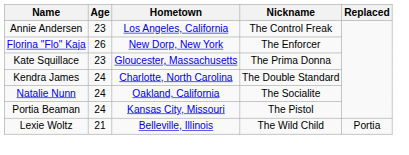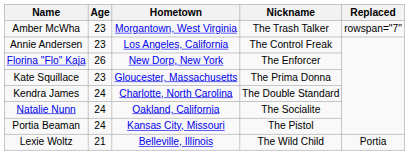 <table class="wikitable sortable plainrowheaders" style="text-align:center;">
 <tr>
 <th scope="col">Name</th>
 <th scope="col">Age</th>
 <th scope="col">Hometown</th>
 <th scope="col">Nickname</th>
 <th scope="col">Replaced</th>
+</tr>
+<tr>
+<td scope="row">Amber McWha</td>
+<td>23</td>
+<td><a href='#'>Morgantown, West Virginia</a></td>
+<td>The Trash Talker</td>
+<td>rowspan="7" </td>
 </tr>
 <tr>
 <td scope="row">Annie Andersen</td>
 <td>23</td>
 <td><a href='#'>Los Angeles, California</a></td>
 <td>The Control Freak</td>
 </tr>
 <tr>
 <td scope="row"><a href='#'>Florina "Flo" Kaja</a></td>
 <td>26</td>
 <td><a href='#'>New Dorp, New York</a></td>
 <td>The Enforcer</td>
 </tr>
 <tr>
 <td scope="row">Kate Squillace</td>
 <td>23</td>
 <td><a href='#'>Gloucester, Massachusetts</a></td>
 <td>The Prima Donna</td>
 </tr>
 <tr>
 <td scope="row">Kendra James</td>
 <td>24</td>
 <td><a href='#'>Charlotte, North Carolina</a></td>
 <td>The Double Standard</td>
 </tr>
 <tr>
 <td scope="row"><a href='#'>Natalie Nunn</a></td>
 <td>24</td>
 <td><a href='#'>Oakland, California</a></td>
 <td>The Socialite</td>
 </tr>
 <tr>
 <td scope="row">Portia Beaman</td>
 <td>24</td>
 <td><a href='#'>Kansas City, Missouri</a></td>
 <td>The Pistol</td>
 </tr>
 <tr>
 <td scope="row">Lexie Woltz</td>
 <td>21</td>
 <td><a href='#'>Belleville, Illinois</a></td>
 <td>The Wild Child</td>
 <td>Portia</td>
 </tr>
 </table>
